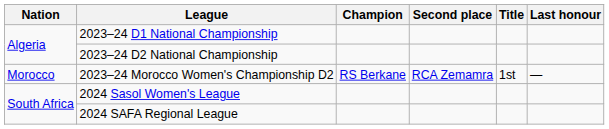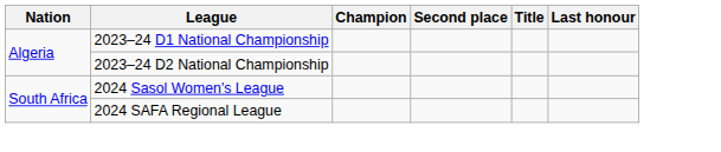 <table class=wikitable style="font-size:14px">
 <tr>
 <th>Nation</th>
 <th>League</th>
 <th>Champion</th>
 <th>Second place</th>
 <th data-sort-type="number">Title</th>
 <th>Last honour</th>
 </tr>
 <tr>
 <td align=left rowspan=2> <a href='#'>Algeria</a></td>
 <td align=left>2023–24 <a href='#'>D1 National Championship</a></td>
 <td></td>
 <td></td>
 <td></td>
 <td></td>
 </tr>
 <tr>
 <td align=left>2023–24 D2 National Championship</td>
 <td></td>
 <td></td>
 <td></td>
 <td></td>
 </tr>
 <tr>
-<td align=left> <a href='#'>Morocco</a></td>
-<td align=left>2023–24 Morocco Women's Championship D2</td>
-<td><a href='#'>RS Berkane</a></td>
-<td><a href='#'>RCA Zemamra</a></td>
-<td>1st</td>
-<td>—</td>
-</tr>
-<tr>
 <td align=left rowspan=2> <a href='#'>South Africa</a></td>
 <td align=left>2024 <a href='#'>Sasol Women's League</a></td>
 <td></td>
 <td></td>
 <td></td>
 <td></td>
 </tr>
 <tr>
 <td align=left>2024 SAFA Regional League</td>
 <td></td>
 <td></td>
 <td></td>
 <td></td>
 </tr>
 </table>
